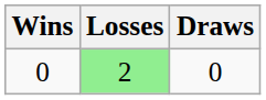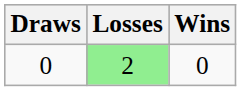 <table class="wikitable">
 <tr>
+<th>Draws</th>
+<th>Losses</th>
 <th>Wins</th>
-<th>Losses</th>
-<th>Draws</th>
 </tr>
 <tr>
 <td align=center>0</td>
 <td align=center style="background: lightgreen;">2</td>
 <td align=center>0</td>
 </tr>
 </table>
